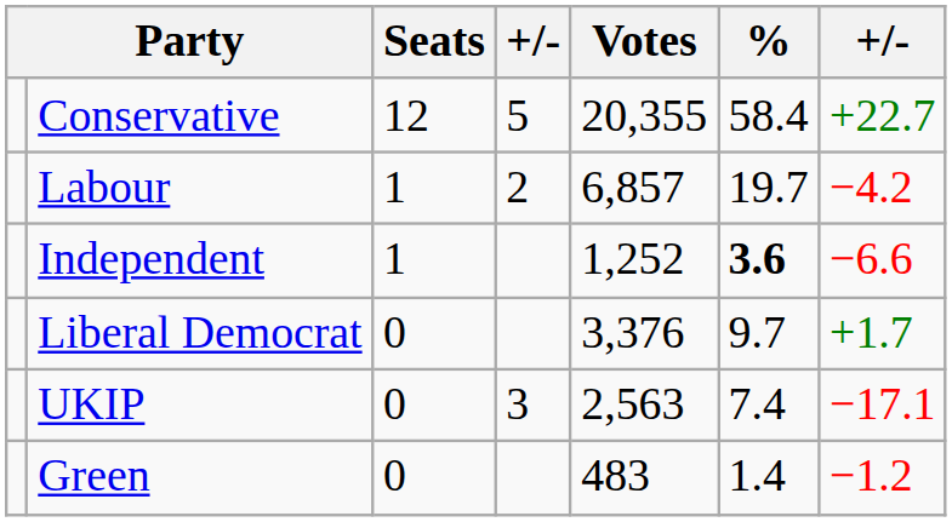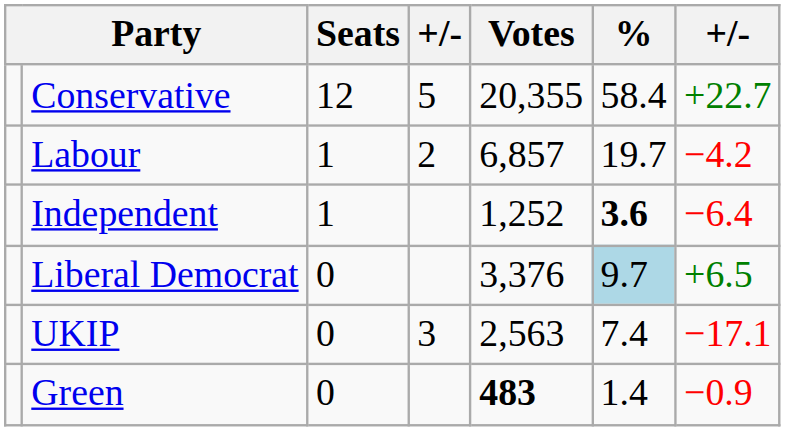 <table class="wikitable">
 <tr>
 <th colspan="2">Party</th>
 <th>Seats</th>
 <th>+/-</th>
 <th>Votes</th>
 <th>%</th>
 <th>+/-</th>
 </tr>
 <tr>
 <td style="background-color: "></td>
 <td><a href='#'>Conservative</a></td>
 <td>12</td>
 <td> 5</td>
 <td>20,355</td>
 <td>58.4</td>
 <td style="color:green">+22.7</td>
 </tr>
 <tr>
 <td style="background-color: "></td>
 <td><a href='#'>Labour</a></td>
 <td>1</td>
 <td> 2</td>
 <td>6,857</td>
 <td>19.7</td>
 <td style="color:red">−4.2</td>
 </tr>
 <tr>
 <td style="background-color: "></td>
 <td><a href='#'>Independent</a></td>
 <td>1</td>
 <td></td>
 <td>1,252</td>
 <td><strong>3.6</strong></td>
-<td style="color:red">−6.6</td>
+<td style="color:red">−6.4</td>
 </tr>
 <tr>
 <td style="background-color: "></td>
 <td><a href='#'>Liberal Democrat</a></td>
 <td>0</td>
 <td></td>
 <td>3,376</td>
-<td>9.7</td>
-<td style="color:green">+1.7</td>
+<td style="background: lightblue;">9.7</td>
+<td style="color:green">+6.5</td>
 </tr>
 <tr>
 <td style="background-color:"></td>
 <td><a href='#'>UKIP</a></td>
 <td>0</td>
 <td> 3</td>
 <td>2,563</td>
 <td>7.4</td>
 <td style="color:red">−17.1</td>
 </tr>
 <tr>
 <td style="background-color: "></td>
 <td><a href='#'>Green</a></td>
 <td>0</td>
 <td></td>
-<td>483</td>
+<td><strong>483</strong></td>
 <td>1.4</td>
-<td style="color:red">−1.2</td>
+<td style="color:red">−0.9</td>
 </tr>
 </table>
